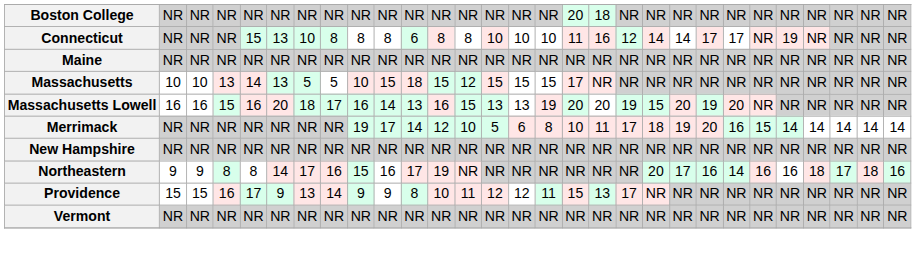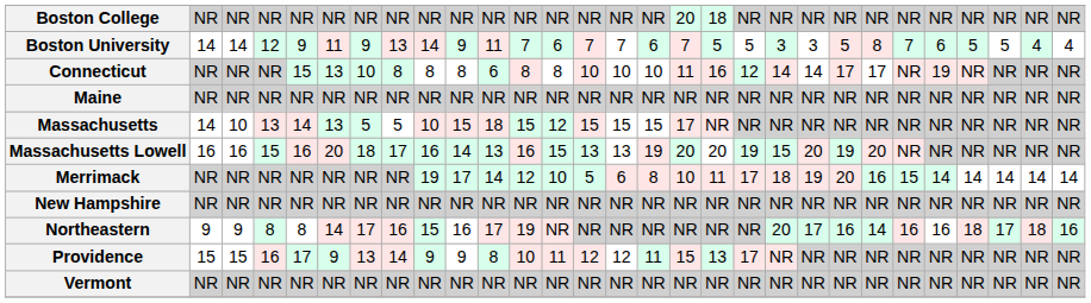 <table class="wikitable sortable" style="text-align: center;">
 <tr>
 </tr>
 <tr bgcolor=d0d0d0>
 <th>Boston College</th>
 <td>NR</td>
 <td>NR</td>
 <td>NR</td>
 <td>NR</td>
 <td>NR</td>
 <td>NR</td>
 <td>NR</td>
 <td>NR</td>
 <td>NR</td>
 <td>NR</td>
 <td>NR</td>
 <td>NR</td>
 <td>NR</td>
 <td>NR</td>
 <td>NR</td>
 <td bgcolor=D8FFEB>20</td>
 <td bgcolor=D8FFEB>18</td>
 <td>NR</td>
 <td>NR</td>
 <td>NR</td>
 <td>NR</td>
 <td>NR</td>
 <td>NR</td>
 <td>NR</td>
 <td>NR</td>
 <td>NR</td>
 <td>NR</td>
 <td>NR</td>
+</tr>
+<tr bgcolor=d0d0d0>
+<th>Boston University</th>
+<td bgcolor=ffffff>14</td>
+<td bgcolor=ffffff>14</td>
+<td bgcolor=D8FFEB>12</td>
+<td bgcolor=D8FFEB>9</td>
+<td bgcolor=FFE6E6>11</td>
+<td bgcolor=D8FFEB>9</td>
+<td bgcolor=FFE6E6>13</td>
+<td bgcolor=FFE6E6>14</td>
+<td bgcolor=D8FFEB>9</td>
+<td bgcolor=FFE6E6>11</td>
+<td bgcolor=D8FFEB>7</td>
+<td bgcolor=D8FFEB>6</td>
+<td bgcolor=FFE6E6>7</td>
+<td bgcolor=ffffff>7</td>
+<td bgcolor=D8FFEB>6</td>
+<td bgcolor=FFE6E6>7</td>
+<td bgcolor=D8FFEB>5</td>
+<td bgcolor=ffffff>5</td>
+<td bgcolor=D8FFEB>3</td>
+<td bgcolor=ffffff>3</td>
+<td bgcolor=FFE6E6>5</td>
+<td bgcolor=FFE6E6>8</td>
+<td bgcolor=D8FFEB>7</td>
+<td bgcolor=D8FFEB>6</td>
+<td bgcolor=D8FFEB>5</td>
+<td bgcolor=ffffff>5</td>
+<td bgcolor=D8FFEB>4</td>
+<td bgcolor=ffffff>4</td>
 </tr>
 <tr bgcolor=d0d0d0>
 <th>Connecticut</th>
 <td>NR</td>
 <td>NR</td>
 <td>NR</td>
 <td bgcolor=D8FFEB>15</td>
 <td bgcolor=D8FFEB>13</td>
 <td bgcolor=D8FFEB>10</td>
 <td bgcolor=D8FFEB>8</td>
 <td bgcolor=ffffff>8</td>
 <td bgcolor=ffffff>8</td>
 <td bgcolor=D8FFEB>6</td>
 <td bgcolor=FFE6E6>8</td>
 <td bgcolor=ffffff>8</td>
 <td bgcolor=FFE6E6>10</td>
 <td bgcolor=ffffff>10</td>
 <td bgcolor=ffffff>10</td>
 <td bgcolor=FFE6E6>11</td>
 <td bgcolor=FFE6E6>16</td>
 <td bgcolor=D8FFEB>12</td>
 <td bgcolor=FFE6E6>14</td>
 <td bgcolor=ffffff>14</td>
 <td bgcolor=FFE6E6>17</td>
 <td bgcolor=ffffff>17</td>
 <td bgcolor=FFE6E6>NR</td>
 <td bgcolor=FFE6E6>19</td>
 <td bgcolor=FFE6E6>NR</td>
 <td>NR</td>
 <td>NR</td>
 <td>NR</td>
 </tr>
 <tr bgcolor=d0d0d0>
 <th>Maine</th>
 <td>NR</td>
 <td>NR</td>
 <td>NR</td>
 <td>NR</td>
 <td>NR</td>
 <td>NR</td>
 <td>NR</td>
 <td>NR</td>
 <td>NR</td>
 <td>NR</td>
 <td>NR</td>
 <td>NR</td>
 <td>NR</td>
 <td>NR</td>
 <td>NR</td>
 <td>NR</td>
 <td>NR</td>
 <td>NR</td>
 <td>NR</td>
 <td>NR</td>
 <td>NR</td>
 <td>NR</td>
 <td>NR</td>
 <td>NR</td>
 <td>NR</td>
 <td>NR</td>
 <td>NR</td>
 <td>NR</td>
 </tr>
 <tr bgcolor=d0d0d0>
 <th>Massachusetts</th>
-<td bgcolor=ffffff>10</td>
+<td bgcolor=ffffff>14</td>
 <td bgcolor=ffffff>10</td>
 <td bgcolor=FFE6E6>13</td>
 <td bgcolor=FFE6E6>14</td>
 <td bgcolor=D8FFEB>13</td>
 <td bgcolor=D8FFEB>5</td>
 <td bgcolor=ffffff>5</td>
 <td bgcolor=FFE6E6>10</td>
 <td bgcolor=FFE6E6>15</td>
 <td bgcolor=FFE6E6>18</td>
 <td bgcolor=D8FFEB>15</td>
 <td bgcolor=D8FFEB>12</td>
 <td bgcolor=FFE6E6>15</td>
 <td bgcolor=ffffff>15</td>
 <td bgcolor=ffffff>15</td>
 <td bgcolor=FFE6E6>17</td>
 <td bgcolor=FFE6E6>NR</td>
 <td>NR</td>
 <td>NR</td>
 <td>NR</td>
 <td>NR</td>
 <td>NR</td>
 <td>NR</td>
 <td>NR</td>
 <td>NR</td>
 <td>NR</td>
 <td>NR</td>
 <td>NR</td>
 </tr>
 <tr bgcolor=d0d0d0>
 <th>Massachusetts Lowell</th>
 <td bgcolor=ffffff>16</td>
 <td bgcolor=ffffff>16</td>
 <td bgcolor=D8FFEB>15</td>
 <td bgcolor=FFE6E6>16</td>
 <td bgcolor=FFE6E6>20</td>
 <td bgcolor=D8FFEB>18</td>
 <td bgcolor=D8FFEB>17</td>
 <td bgcolor=D8FFEB>16</td>
 <td bgcolor=D8FFEB>14</td>
 <td bgcolor=D8FFEB>13</td>
 <td bgcolor=FFE6E6>16</td>
 <td bgcolor=D8FFEB>15</td>
 <td bgcolor=D8FFEB>13</td>
 <td bgcolor=ffffff>13</td>
 <td bgcolor=FFE6E6>19</td>
 <td bgcolor=D8FFEB>20</td>
 <td bgcolor=ffffff>20</td>
 <td bgcolor=D8FFEB>19</td>
 <td bgcolor=D8FFEB>15</td>
 <td bgcolor=FFE6E6>20</td>
 <td bgcolor=D8FFEB>19</td>
 <td bgcolor=FFE6E6>20</td>
 <td bgcolor=FFE6E6>NR</td>
 <td>NR</td>
 <td>NR</td>
 <td>NR</td>
 <td>NR</td>
 <td>NR</td>
 </tr>
 <tr bgcolor=d0d0d0>
 <th>Merrimack</th>
 <td>NR</td>
 <td>NR</td>
 <td>NR</td>
 <td>NR</td>
 <td>NR</td>
 <td>NR</td>
 <td>NR</td>
 <td bgcolor=D8FFEB>19</td>
 <td bgcolor=D8FFEB>17</td>
 <td bgcolor=D8FFEB>14</td>
 <td bgcolor=D8FFEB>12</td>
 <td bgcolor=D8FFEB>10</td>
 <td bgcolor=D8FFEB>5</td>
 <td bgcolor=FFE6E6>6</td>
 <td bgcolor=FFE6E6>8</td>
 <td bgcolor=FFE6E6>10</td>
 <td bgcolor=FFE6E6>11</td>
 <td bgcolor=FFE6E6>17</td>
 <td bgcolor=FFE6E6>18</td>
 <td bgcolor=FFE6E6>19</td>
 <td bgcolor=FFE6E6>20</td>
 <td bgcolor=D8FFEB>16</td>
 <td bgcolor=D8FFEB>15</td>
 <td bgcolor=D8FFEB>14</td>
 <td bgcolor=ffffff>14</td>
 <td bgcolor=ffffff>14</td>
 <td bgcolor=ffffff>14</td>
 <td bgcolor=ffffff>14</td>
 </tr>
 <tr bgcolor=d0d0d0>
 <th>New Hampshire</th>
 <td>NR</td>
 <td>NR</td>
 <td>NR</td>
 <td>NR</td>
 <td>NR</td>
 <td>NR</td>
 <td>NR</td>
 <td>NR</td>
 <td>NR</td>
 <td>NR</td>
 <td>NR</td>
 <td>NR</td>
 <td>NR</td>
 <td>NR</td>
 <td>NR</td>
 <td>NR</td>
 <td>NR</td>
 <td>NR</td>
 <td>NR</td>
 <td>NR</td>
 <td>NR</td>
 <td>NR</td>
 <td>NR</td>
 <td>NR</td>
 <td>NR</td>
 <td>NR</td>
 <td>NR</td>
 <td>NR</td>
 </tr>
 <tr bgcolor=d0d0d0>
 <th>Northeastern</th>
 <td bgcolor=ffffff>9</td>
 <td bgcolor=ffffff>9</td>
 <td bgcolor=D8FFEB>8</td>
 <td bgcolor=ffffff>8</td>
 <td bgcolor=FFE6E6>14</td>
 <td bgcolor=FFE6E6>17</td>
 <td bgcolor=FFE6E6>16</td>
 <td bgcolor=D8FFEB>15</td>
 <td bgcolor=ffffff>16</td>
 <td bgcolor=FFE6E6>17</td>
 <td bgcolor=FFE6E6>19</td>
 <td bgcolor=FFE6E6>NR</td>
 <td>NR</td>
 <td>NR</td>
 <td>NR</td>
 <td>NR</td>
 <td>NR</td>
 <td>NR</td>
 <td bgcolor=D8FFEB>20</td>
 <td bgcolor=D8FFEB>17</td>
 <td bgcolor=D8FFEB>16</td>
 <td bgcolor=D8FFEB>14</td>
 <td bgcolor=FFE6E6>16</td>
 <td bgcolor=ffffff>16</td>
 <td bgcolor=FFE6E6>18</td>
 <td bgcolor=D8FFEB>17</td>
 <td bgcolor=FFE6E6>18</td>
 <td bgcolor=D8FFEB>16</td>
 </tr>
 <tr bgcolor=d0d0d0>
 <th>Providence</th>
 <td bgcolor=ffffff>15</td>
 <td bgcolor=ffffff>15</td>
 <td bgcolor=FFE6E6>16</td>
 <td bgcolor=D8FFEB>17</td>
 <td bgcolor=D8FFEB>9</td>
 <td bgcolor=FFE6E6>13</td>
 <td bgcolor=FFE6E6>14</td>
 <td bgcolor=D8FFEB>9</td>
 <td bgcolor=ffffff>9</td>
 <td bgcolor=D8FFEB>8</td>
 <td bgcolor=FFE6E6>10</td>
 <td bgcolor=FFE6E6>11</td>
 <td bgcolor=FFE6E6>12</td>
 <td bgcolor=ffffff>12</td>
 <td bgcolor=D8FFEB>11</td>
 <td bgcolor=FFE6E6>15</td>
 <td bgcolor=D8FFEB>13</td>
 <td bgcolor=FFE6E6>17</td>
 <td bgcolor=FFE6E6>NR</td>
 <td>NR</td>
 <td>NR</td>
 <td>NR</td>
 <td>NR</td>
 <td>NR</td>
 <td>NR</td>
 <td>NR</td>
 <td>NR</td>
 <td>NR</td>
 </tr>
 <tr bgcolor=d0d0d0>
 <th>Vermont</th>
 <td>NR</td>
 <td>NR</td>
 <td>NR</td>
 <td>NR</td>
 <td>NR</td>
 <td>NR</td>
 <td>NR</td>
 <td>NR</td>
 <td>NR</td>
 <td>NR</td>
 <td>NR</td>
 <td>NR</td>
 <td>NR</td>
 <td>NR</td>
 <td>NR</td>
 <td>NR</td>
 <td>NR</td>
 <td>NR</td>
 <td>NR</td>
 <td>NR</td>
 <td>NR</td>
 <td>NR</td>
 <td>NR</td>
 <td>NR</td>
 <td>NR</td>
 <td>NR</td>
 <td>NR</td>
 <td>NR</td>
 </tr>
 <tr>
 </tr>
 </table>
